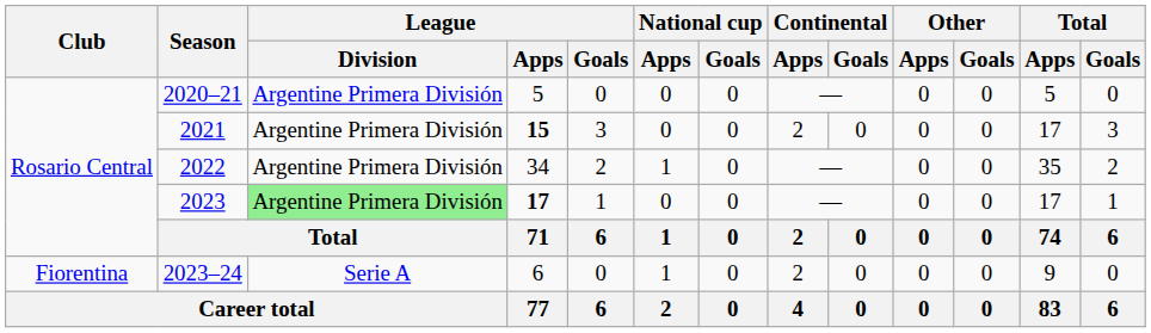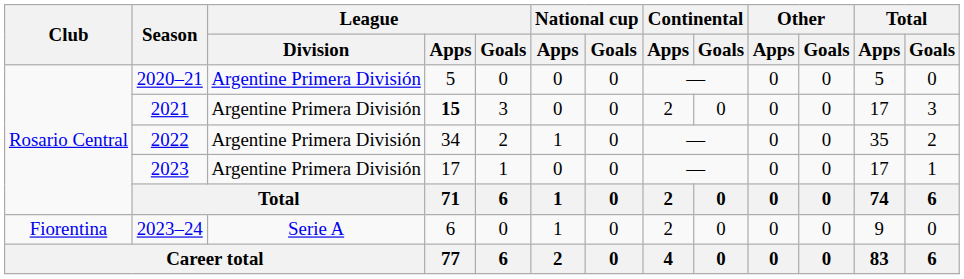 <table class="wikitable" style="text-align:center">
 <tr>
 <th rowspan="2">Club</th>
 <th rowspan="2">Season</th>
 <th colspan="3">League</th>
 <th colspan="2">National cup</th>
 <th colspan="2">Continental</th>
 <th colspan="2">Other</th>
 <th colspan="2">Total</th>
 </tr>
 <tr>
 <th>Division</th>
 <th>Apps</th>
 <th>Goals</th>
 <th>Apps</th>
 <th>Goals</th>
 <th>Apps</th>
 <th>Goals</th>
 <th>Apps</th>
 <th>Goals</th>
 <th>Apps</th>
 <th>Goals</th>
 </tr>
 <tr>
 <td rowspan="5"><a href='#'>Rosario Central</a></td>
 <td><a href='#'>2020–21</a></td>
 <td><a href='#'>Argentine Primera División</a></td>
 <td>5</td>
 <td>0</td>
 <td>0</td>
 <td>0</td>
 <td colspan="2">—</td>
 <td>0</td>
 <td>0</td>
 <td>5</td>
 <td>0</td>
 </tr>
 <tr>
 <td><a href='#'>2021</a></td>
 <td>Argentine Primera División</td>
 <td><strong>15</strong></td>
 <td>3</td>
 <td>0</td>
 <td>0</td>
 <td>2</td>
 <td>0</td>
 <td>0</td>
 <td>0</td>
 <td>17</td>
 <td>3</td>
 </tr>
 <tr>
 <td><a href='#'>2022</a></td>
 <td>Argentine Primera División</td>
 <td>34</td>
 <td>2</td>
 <td>1</td>
 <td>0</td>
 <td colspan="2">—</td>
 <td>0</td>
 <td>0</td>
 <td>35</td>
 <td>2</td>
 </tr>
 <tr>
 <td><a href='#'>2023</a></td>
-<td style="background: lightgreen;">Argentine Primera División</td>
-<td><strong>17</strong></td>
+<td>Argentine Primera División</td>
+<td>17</td>
 <td>1</td>
 <td>0</td>
 <td>0</td>
 <td colspan="2">—</td>
 <td>0</td>
 <td>0</td>
 <td>17</td>
 <td>1</td>
 </tr>
 <tr>
 <th colspan="2">Total</th>
 <th>71</th>
 <th>6</th>
 <th>1</th>
 <th>0</th>
 <th>2</th>
 <th>0</th>
 <th>0</th>
 <th>0</th>
 <th>74</th>
 <th>6</th>
 </tr>
 <tr>
 <td><a href='#'>Fiorentina</a></td>
 <td><a href='#'>2023–24</a></td>
 <td><a href='#'>Serie A</a></td>
 <td>6</td>
 <td>0</td>
 <td>1</td>
 <td>0</td>
 <td>2</td>
 <td>0</td>
 <td>0</td>
 <td>0</td>
 <td>9</td>
 <td>0</td>
 </tr>
 <tr>
 <th colspan="3">Career total</th>
 <th>77</th>
 <th>6</th>
 <th>2</th>
 <th>0</th>
 <th>4</th>
 <th>0</th>
 <th>0</th>
 <th>0</th>
 <th>83</th>
 <th>6</th>
 </tr>
 </table>
